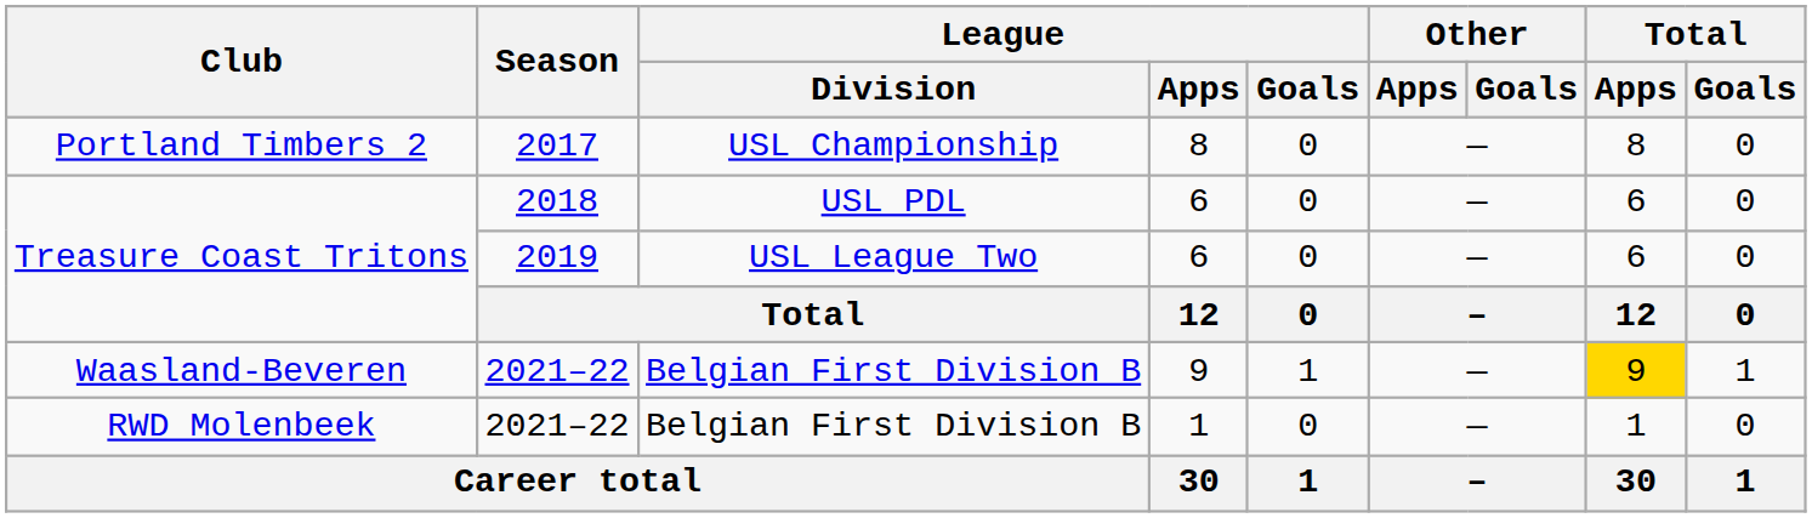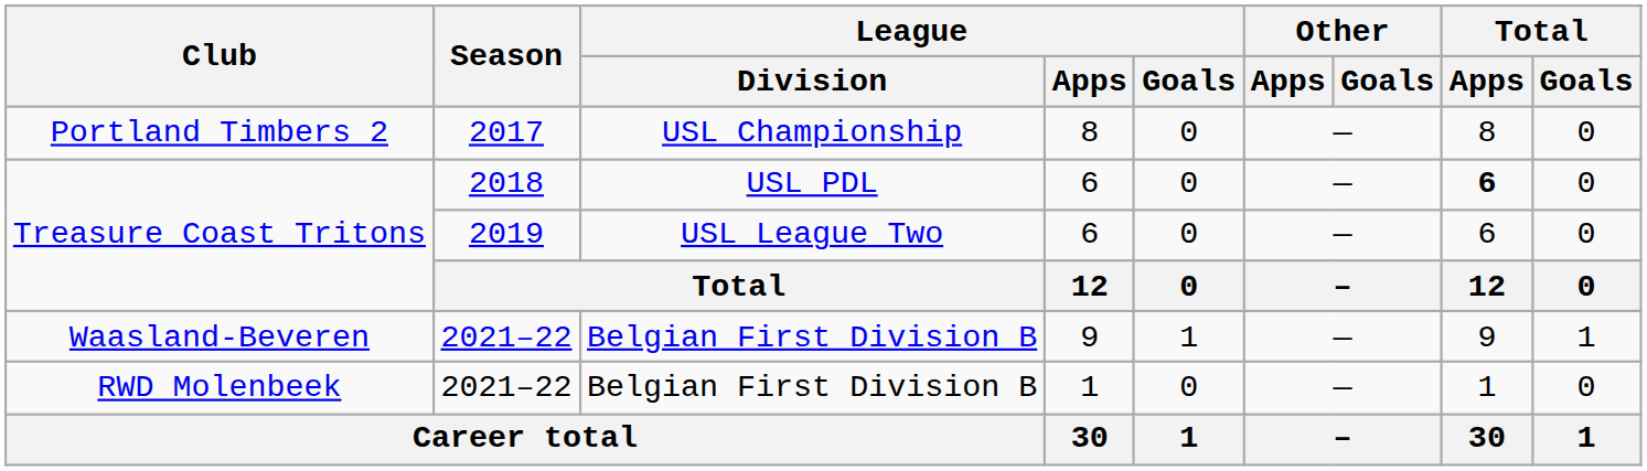 <table class="wikitable" style="text-align:center">
 <tr>
 <th rowspan="2">Club</th>
 <th rowspan="2">Season</th>
 <th colspan="3">League</th>
 <th colspan="2">Other</th>
 <th colspan="2">Total</th>
 </tr>
 <tr>
 <th>Division</th>
 <th>Apps</th>
 <th>Goals</th>
 <th>Apps</th>
 <th>Goals</th>
 <th>Apps</th>
 <th>Goals</th>
 </tr>
 <tr>
 <td><a href='#'>Portland Timbers 2</a></td>
 <td><a href='#'>2017</a></td>
 <td><a href='#'>USL Championship</a></td>
 <td>8</td>
 <td>0</td>
 <td colspan="2">—</td>
 <td>8</td>
 <td>0</td>
 </tr>
 <tr>
 <td rowspan="3"><a href='#'>Treasure Coast Tritons</a></td>
 <td><a href='#'>2018</a></td>
 <td><a href='#'>USL PDL</a></td>
 <td>6</td>
 <td>0</td>
 <td colspan="2">—</td>
-<td>6</td>
+<td><strong>6</strong></td>
 <td>0</td>
 </tr>
 <tr>
 <td><a href='#'>2019</a></td>
 <td><a href='#'>USL League Two</a></td>
 <td>6</td>
 <td>0</td>
 <td colspan="2">—</td>
 <td>6</td>
 <td>0</td>
 </tr>
 <tr>
 <th colspan="2">Total</th>
 <th>12</th>
 <th>0</th>
 <th colspan="2">–</th>
 <th>12</th>
 <th>0</th>
 </tr>
 <tr>
 <td><a href='#'>Waasland-Beveren</a></td>
 <td><a href='#'>2021–22</a></td>
 <td><a href='#'>Belgian First Division B</a></td>
 <td>9</td>
 <td>1</td>
 <td colspan="2">—</td>
-<td style="background: gold;">9</td>
+<td>9</td>
 <td>1</td>
 </tr>
 <tr>
 <td><a href='#'>RWD Molenbeek</a></td>
 <td>2021–22</td>
 <td>Belgian First Division B</td>
 <td>1</td>
 <td>0</td>
 <td colspan="2">—</td>
 <td>1</td>
 <td>0</td>
 </tr>
 <tr>
 <th colspan="3">Career total</th>
 <th>30</th>
 <th>1</th>
 <th colspan="2">–</th>
 <th>30</th>
 <th>1</th>
 </tr>
 </table>
